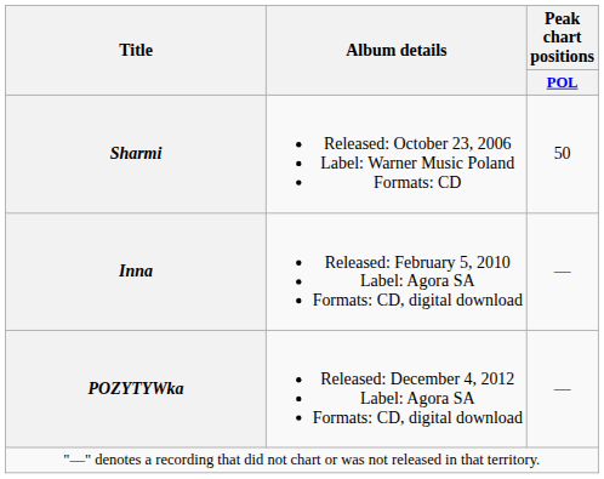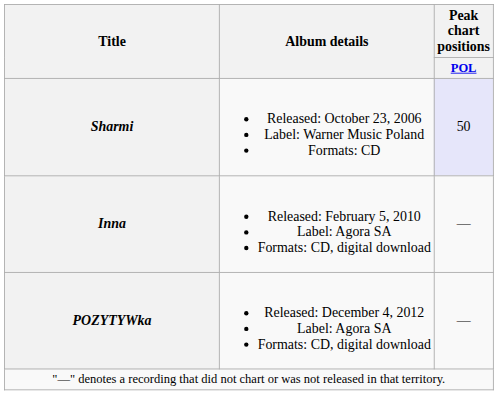 <table class="wikitable plainrowheaders" style="text-align:center;">
 <tr>
 <th scope="col" rowspan="2" style="width:15em;">Title</th>
 <th scope="col" rowspan="2">Album details</th>
 <th scope="col" colspan="1">Peak chart positions</th>
 </tr>
 <tr>
 <th scope="col" style="width:3em;font-size:90%;"><a href='#'>POL</a><br></th>
 </tr>
 <tr>
 <th scope="row"><em>Sharmi</em></th>
 <td><br><ul><li>Released: October 23, 2006</li><li>Label: Warner Music Poland</li><li>Formats: CD</li></ul></td>
-<td>50</td>
+<td style="background: lavender;">50</td>
 </tr>
 <tr>
 <th scope="row"><em>Inna</em></th>
 <td><br><ul><li>Released: February 5, 2010</li><li>Label: Agora SA</li><li>Formats: CD, digital download</li></ul></td>
 <td>—</td>
 </tr>
 <tr>
 <th scope="row"><em>POZYTYWka</em></th>
 <td><br><ul><li>Released: December 4, 2012</li><li>Label: Agora SA</li><li>Formats: CD, digital download</li></ul></td>
 <td>—</td>
 </tr>
 <tr>
 <td colspan="10" style="font-size:90%">"—" denotes a recording that did not chart or was not released in that territory.</td>
 </tr>
 </table>
